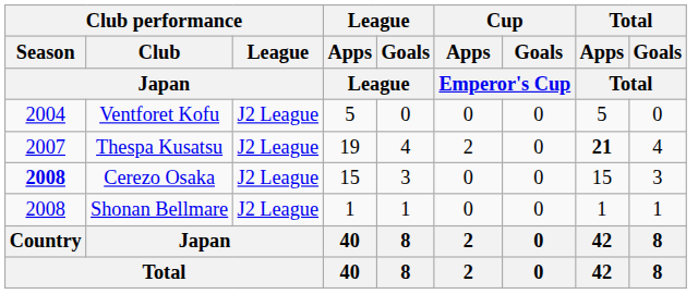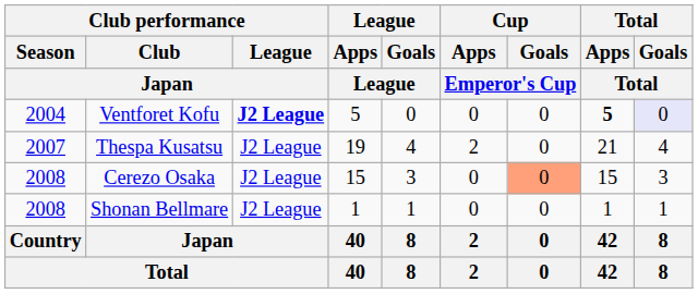 <table class="wikitable" style="text-align:center;">
 <tr>
 <th colspan=3>Club performance</th>
 <th colspan=2>League</th>
 <th colspan=2>Cup</th>
 <th colspan=2>Total</th>
 </tr>
 <tr>
 <th>Season</th>
 <th>Club</th>
 <th>League</th>
 <th>Apps</th>
 <th>Goals</th>
 <th>Apps</th>
 <th>Goals</th>
 <th>Apps</th>
 <th>Goals</th>
 </tr>
 <tr>
 <th colspan=3>Japan</th>
 <th colspan=2>League</th>
 <th colspan=2><a href='#'>Emperor's Cup</a></th>
 <th colspan=2>Total</th>
 </tr>
 <tr>
 <td><a href='#'>2004</a></td>
 <td><a href='#'>Ventforet Kofu</a></td>
-<td><a href='#'>J2 League</a></td>
+<td><strong><a href='#'>J2 League</a></strong></td>
 <td>5</td>
 <td>0</td>
 <td>0</td>
 <td>0</td>
-<td>5</td>
-<td>0</td>
+<td><strong>5</strong></td>
+<td style="background: lavender;">0</td>
 </tr>
 <tr>
 <td><a href='#'>2007</a></td>
 <td><a href='#'>Thespa Kusatsu</a></td>
 <td><a href='#'>J2 League</a></td>
 <td>19</td>
 <td>4</td>
 <td>2</td>
 <td>0</td>
-<td><strong>21</strong></td>
+<td>21</td>
 <td>4</td>
 </tr>
 <tr>
-<td><strong><a href='#'>2008</a></strong></td>
+<td><a href='#'>2008</a></td>
 <td><a href='#'>Cerezo Osaka</a></td>
 <td><a href='#'>J2 League</a></td>
 <td>15</td>
 <td>3</td>
 <td>0</td>
-<td>0</td>
+<td style="background: lightsalmon;">0</td>
 <td>15</td>
 <td>3</td>
 </tr>
 <tr>
 <td><a href='#'>2008</a></td>
 <td><a href='#'>Shonan Bellmare</a></td>
 <td><a href='#'>J2 League</a></td>
 <td>1</td>
 <td>1</td>
 <td>0</td>
 <td>0</td>
 <td>1</td>
 <td>1</td>
 </tr>
 <tr>
 <th rowspan=1>Country</th>
 <th colspan=2>Japan</th>
 <th>40</th>
 <th>8</th>
 <th>2</th>
 <th>0</th>
 <th>42</th>
 <th>8</th>
 </tr>
 <tr>
 <th colspan=3>Total</th>
 <th>40</th>
 <th>8</th>
 <th>2</th>
 <th>0</th>
 <th>42</th>
 <th>8</th>
 </tr>
 </table>
